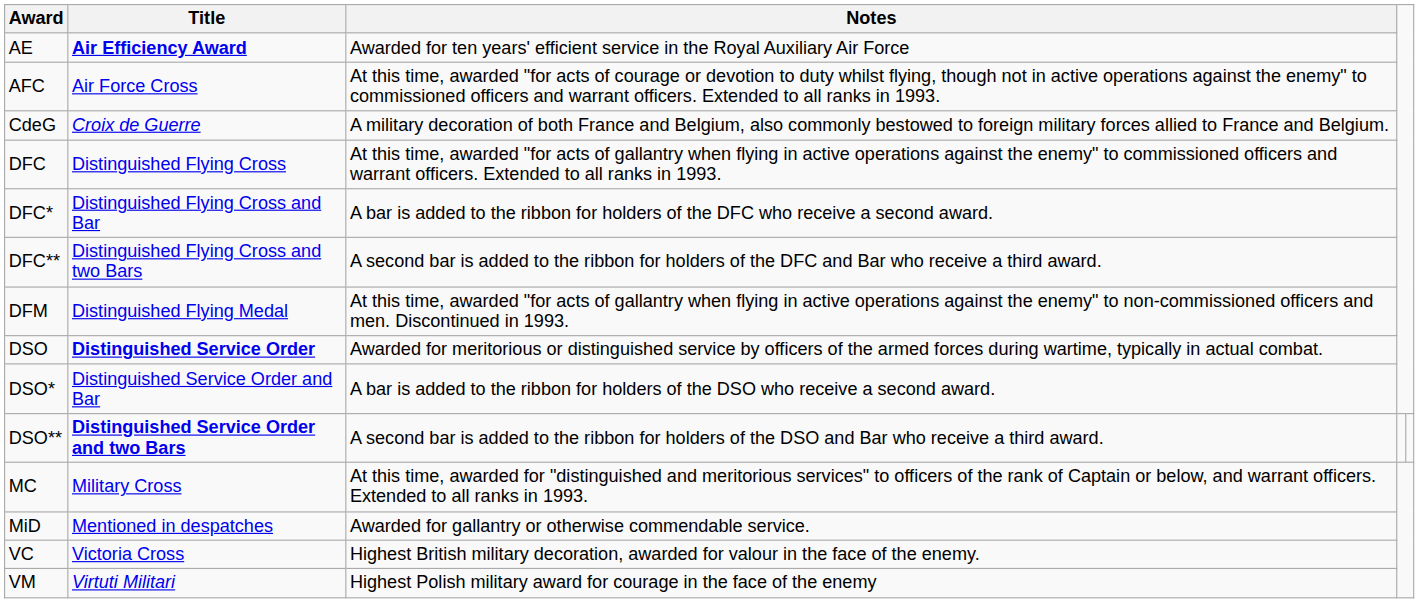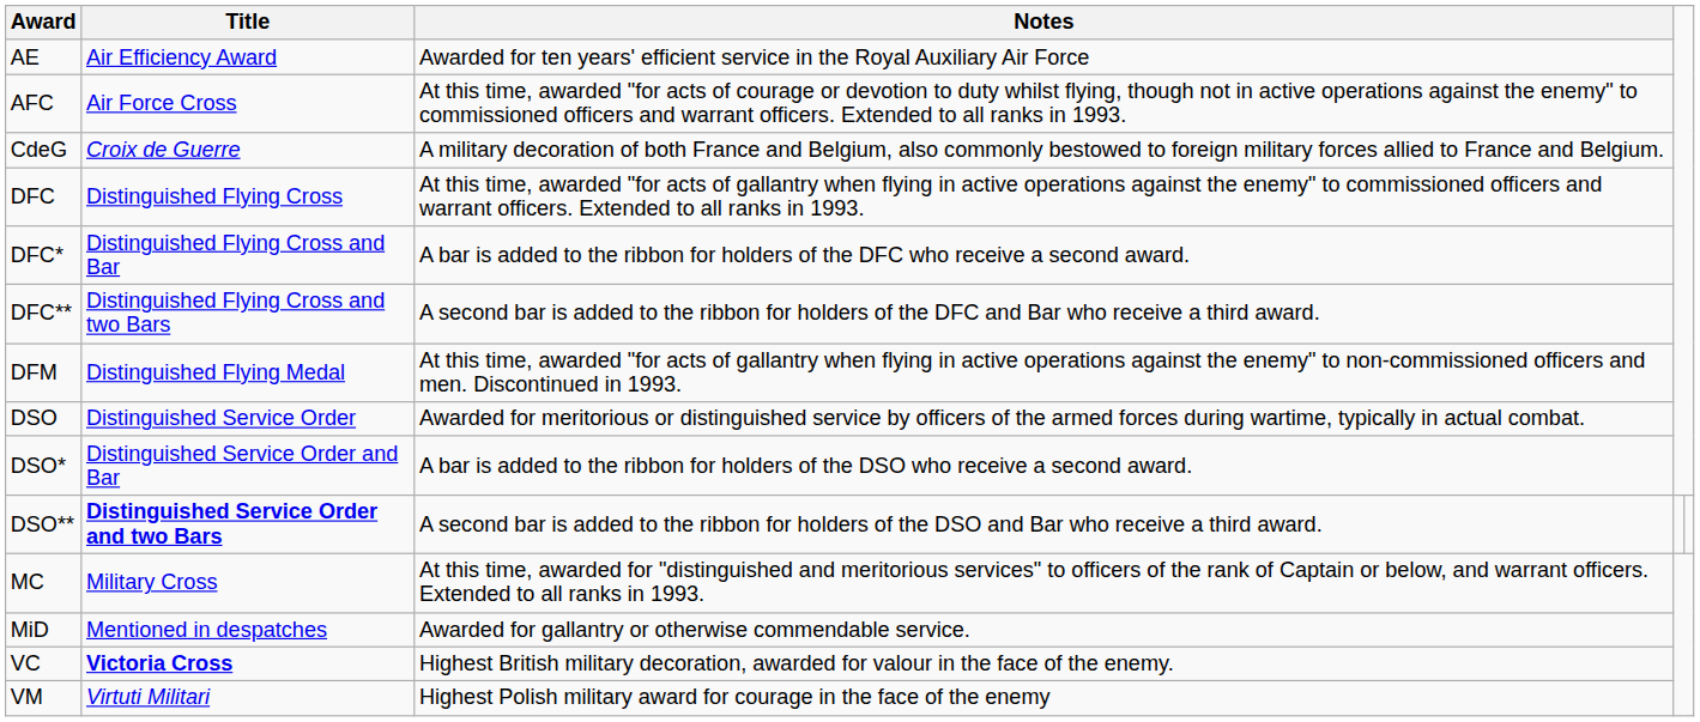 <table class="wikitable">
 <tr>
 <th>Award</th>
 <th>Title</th>
 <th>Notes</th>
 </tr>
 <tr>
 <td>AE</td>
-<td><strong><a href='#'>Air Efficiency Award</a></strong></td>
+<td><a href='#'>Air Efficiency Award</a></td>
 <td>Awarded for ten years' efficient service in the Royal Auxiliary Air Force</td>
 </tr>
 <tr>
 <td>AFC</td>
 <td><a href='#'>Air Force Cross</a></td>
 <td>At this time, awarded "for acts of courage or devotion to duty whilst flying, though not in active operations against the enemy" to commissioned officers and warrant officers. Extended to all ranks in 1993.</td>
 </tr>
 <tr>
 <td>CdeG</td>
 <td><em><a href='#'>Croix de Guerre</a></em></td>
 <td>A military decoration of both France and Belgium, also commonly bestowed to foreign military forces allied to France and Belgium.</td>
 </tr>
 <tr>
 <td>DFC</td>
 <td><a href='#'>Distinguished Flying Cross</a></td>
 <td>At this time, awarded "for acts of gallantry when flying in active operations against the enemy" to commissioned officers and warrant officers. Extended to all ranks in 1993.</td>
 </tr>
 <tr>
 <td>DFC*</td>
 <td><a href='#'>Distinguished Flying Cross and Bar</a></td>
 <td>A bar is added to the ribbon for holders of the DFC who receive a second award.</td>
 </tr>
 <tr>
 <td>DFC**</td>
 <td><a href='#'>Distinguished Flying Cross and two Bars</a></td>
 <td>A second bar is added to the ribbon for holders of the DFC and Bar who receive a third award.</td>
 </tr>
 <tr>
 <td>DFM</td>
 <td><a href='#'>Distinguished Flying Medal</a></td>
 <td>At this time, awarded "for acts of gallantry when flying in active operations against the enemy" to non-commissioned officers and men. Discontinued in 1993.</td>
 </tr>
 <tr>
 <td>DSO</td>
-<td><strong><a href='#'>Distinguished Service Order</a></strong></td>
+<td><a href='#'>Distinguished Service Order</a></td>
 <td>Awarded for meritorious or distinguished service by officers of the armed forces during wartime, typically in actual combat.</td>
 </tr>
 <tr>
 <td>DSO*</td>
 <td><a href='#'>Distinguished Service Order and Bar</a></td>
 <td>A bar is added to the ribbon for holders of the DSO who receive a second award.</td>
 </tr>
 <tr>
 <td>DSO**</td>
 <td><strong><a href='#'>Distinguished Service Order and two Bars</a></strong></td>
 <td>A second bar is added to the ribbon for holders of the DSO and Bar who receive a third award.</td>
 <td></td>
 <td></td>
 </tr>
 <tr>
 <td>MC</td>
 <td><a href='#'>Military Cross</a></td>
 <td>At this time, awarded for "distinguished and meritorious services" to officers of the rank of Captain or below, and warrant officers. Extended to all ranks in 1993.</td>
 </tr>
 <tr>
 <td>MiD</td>
 <td><a href='#'>Mentioned in despatches</a></td>
 <td>Awarded for gallantry or otherwise commendable service.</td>
 </tr>
 <tr>
 <td>VC</td>
-<td><a href='#'>Victoria Cross</a></td>
+<td><strong><a href='#'>Victoria Cross</a></strong></td>
 <td>Highest British military decoration, awarded for valour in the face of the enemy.</td>
 </tr>
 <tr>
 <td>VM</td>
 <td><em><a href='#'>Virtuti Militari</a></em></td>
 <td>Highest Polish military award for courage in the face of the enemy</td>
 </tr>
 </table>
